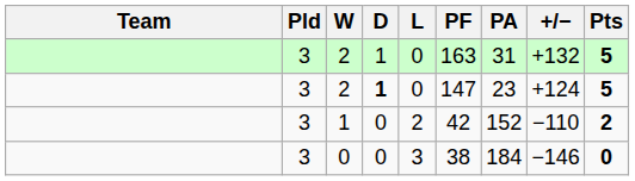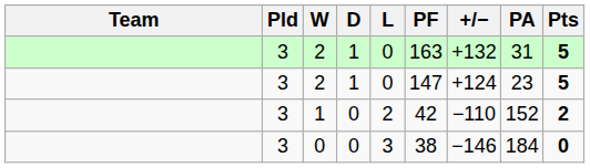 <table class="wikitable" style="text-align:center">
 <tr>
 <th width="200">Team</th>
 <th width="20">Pld</th>
 <th width="20">W</th>
 <th width="20">D</th>
 <th width="20">L</th>
 <th width="20">PF</th>
+<th width="25">+/−</th>
 <th width="20">PA</th>
-<th width="25">+/−</th>
 <th width="20">Pts</th>
 </tr>
 <tr bgcolor=#ccffcc>
 <td align=left></td>
 <td>3</td>
 <td>2</td>
 <td>1</td>
 <td>0</td>
 <td>163</td>
+<td>+132</td>
 <td>31</td>
-<td>+132</td>
 <td><strong>5</strong></td>
 </tr>
 <tr>
 <td align=left></td>
 <td>3</td>
 <td>2</td>
-<td><strong>1</strong></td>
+<td>1</td>
 <td>0</td>
 <td>147</td>
+<td>+124</td>
 <td>23</td>
-<td>+124</td>
 <td><strong>5</strong></td>
 </tr>
 <tr>
 <td align=left></td>
 <td>3</td>
 <td>1</td>
 <td>0</td>
 <td>2</td>
 <td>42</td>
+<td>−110</td>
 <td>152</td>
-<td>−110</td>
 <td><strong>2</strong></td>
 </tr>
 <tr>
 <td align=left></td>
 <td>3</td>
 <td>0</td>
 <td>0</td>
 <td>3</td>
 <td>38</td>
+<td>−146</td>
 <td>184</td>
-<td>−146</td>
 <td><strong>0</strong></td>
 </tr>
 </table>
